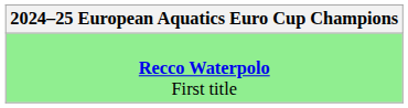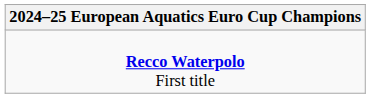 <table class=wikitable style="text-align:center; margin:auto">
 <tr>
 <th>2024–25 European Aquatics Euro Cup Champions</th>
 </tr>
 <tr>
-<td style="background: lightgreen;"> <br><strong><a href='#'>Recco Waterpolo</a></strong><br>First title</td>
+<td> <br><strong><a href='#'>Recco Waterpolo</a></strong><br>First title</td>
 </tr>
 </table>
